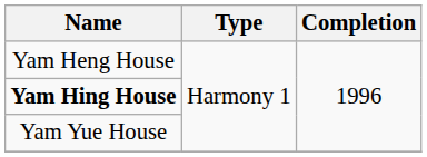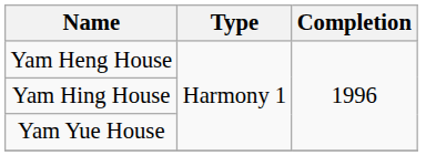 <table class="wikitable" style="text-align: center">
 <tr>
 <th>Name</th>
 <th>Type</th>
 <th>Completion</th>
 </tr>
 <tr>
 <td>Yam Heng House</td>
 <td rowspan="3">Harmony 1</td>
 <td rowspan="3">1996</td>
 </tr>
 <tr>
-<td><strong>Yam Hing House</strong></td>
+<td>Yam Hing House</td>
 </tr>
 <tr>
 <td>Yam Yue House</td>
 </tr>
 <tr>
 </tr>
 </table>
